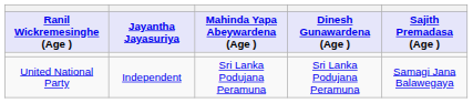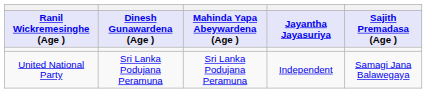 <table class=wikitable style="margin:1em auto; font-size:90%; text-align:center;">
 <tr>
 <th style="font-size:135%; width:175px; background:"><a href='#'></a></th>
 <th style="font-size:135%; width:175px; background:"><a href='#'></a></th>
 <th style="font-size:135%; width:175px; background:"><a href='#'></a></th>
 <th style="font-size:135%; width:175px; background:"><a href='#'></a></th>
 <th style="font-size:135%; width:175px; background:"><a href='#'></a></th>
 </tr>
 <tr>
 <th style="background:lavender;"><strong><a href='#'>Ranil Wickremesinghe</a></strong><br>(Age )</th>
+<th style="background:lavender;"><strong><a href='#'>Dinesh Gunawardena</a></strong><br>(Age )</th>
+<th style="background:lavender;"><strong><a href='#'>Mahinda Yapa Abeywardena</a></strong><br>(Age )</th>
 <th style="background:lavender;"><strong><a href='#'>Jayantha Jayasuriya</a></strong><br></th>
-<th style="background:lavender;"><strong><a href='#'>Mahinda Yapa Abeywardena</a></strong><br>(Age )</th>
-<th style="background:lavender;"><strong><a href='#'>Dinesh Gunawardena</a></strong><br>(Age )</th>
 <th style="background:lavender;"><strong><a href='#'>Sajith Premadasa</a></strong><br>(Age )</th>
 </tr>
 <tr>
 <td></td>
 <td></td>
 <td></td>
 <td></td>
 <td></td>
 </tr>
 <tr>
 <td><a href='#'>United National Party</a><br></td>
-<td><a href='#'>Independent</a><br></td>
 <td><a href='#'>Sri Lanka Podujana Peramuna</a><br></td>
 <td><a href='#'>Sri Lanka Podujana Peramuna</a><br></td>
+<td><a href='#'>Independent</a><br></td>
 <td><a href='#'>Samagi Jana Balawegaya</a><br></td>
 </tr>
 </table>
